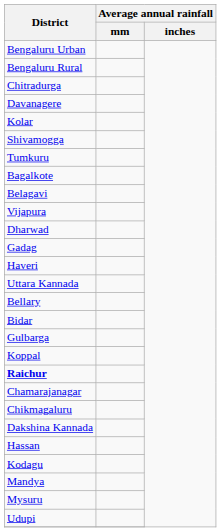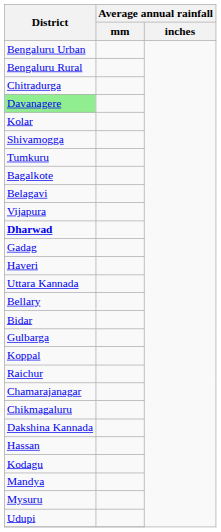 <table class="wikitable sortable">
 <tr>
 <th rowspan=2>District</th>
 <th colspan=2>Average annual rainfall</th>
 </tr>
 <tr>
 <th>mm</th>
 <th>inches</th>
 </tr>
 <tr>
 <td><a href='#'>Bengaluru Urban</a></td>
 <td></td>
 </tr>
 <tr>
 <td><a href='#'>Bengaluru Rural</a></td>
 <td></td>
 </tr>
 <tr>
 <td><a href='#'>Chitradurga</a></td>
 <td></td>
 </tr>
 <tr>
-<td><a href='#'>Davanagere</a></td>
+<td style="background: lightgreen;"><a href='#'>Davanagere</a></td>
 <td></td>
 </tr>
 <tr>
 <td><a href='#'>Kolar</a></td>
 <td></td>
 </tr>
 <tr>
 <td><a href='#'>Shivamogga</a></td>
 <td></td>
 </tr>
 <tr>
 <td><a href='#'>Tumkuru</a></td>
 <td></td>
 </tr>
 <tr>
 <td><a href='#'>Bagalkote</a></td>
 <td></td>
 </tr>
 <tr>
 <td><a href='#'>Belagavi</a></td>
 <td></td>
 </tr>
 <tr>
 <td><a href='#'>Vijapura</a></td>
 <td></td>
 </tr>
 <tr>
-<td><a href='#'>Dharwad</a></td>
+<td><strong><a href='#'>Dharwad</a></strong></td>
 <td></td>
 </tr>
 <tr>
 <td><a href='#'>Gadag</a></td>
 <td></td>
 </tr>
 <tr>
 <td><a href='#'>Haveri</a></td>
 <td></td>
 </tr>
 <tr>
 <td><a href='#'>Uttara Kannada</a></td>
 <td></td>
 </tr>
 <tr>
 <td><a href='#'>Bellary</a></td>
 <td></td>
 </tr>
 <tr>
 <td><a href='#'>Bidar</a></td>
 <td></td>
 </tr>
 <tr>
 <td><a href='#'>Gulbarga</a></td>
 <td></td>
 </tr>
 <tr>
 <td><a href='#'>Koppal</a></td>
 <td></td>
 </tr>
 <tr>
-<td><strong><a href='#'>Raichur</a></strong></td>
+<td><a href='#'>Raichur</a></td>
 <td></td>
 </tr>
 <tr>
 <td><a href='#'>Chamarajanagar</a></td>
 <td></td>
 </tr>
 <tr>
 <td><a href='#'>Chikmagaluru</a></td>
 <td></td>
 </tr>
 <tr>
 <td><a href='#'>Dakshina Kannada</a></td>
 <td></td>
 </tr>
 <tr>
 <td><a href='#'>Hassan</a></td>
 <td></td>
 </tr>
 <tr>
 <td><a href='#'>Kodagu</a></td>
 <td></td>
 </tr>
 <tr>
 <td><a href='#'>Mandya</a></td>
 <td></td>
 </tr>
 <tr>
 <td><a href='#'>Mysuru</a></td>
 <td></td>
 </tr>
 <tr>
 <td><a href='#'>Udupi</a></td>
 <td></td>
 </tr>
 <tr>
 </tr>
 </table>
